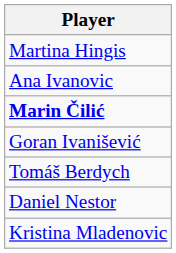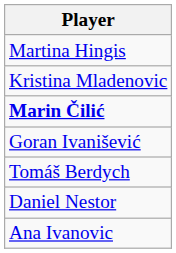 <table class="wikitable">
 <tr>
 <th>Player</th>
 </tr>
 <tr>
 <td> <a href='#'>Martina Hingis</a></td>
 </tr>
 <tr>
-<td> <a href='#'>Ana Ivanovic</a></td>
+<td> <a href='#'>Kristina Mladenovic</a></td>
 </tr>
 <tr>
 <td><strong> <a href='#'>Marin Čilić</a></strong></td>
 </tr>
 <tr>
 <td> <a href='#'>Goran Ivanišević</a></td>
 </tr>
 <tr>
 <td> <a href='#'>Tomáš Berdych</a></td>
 </tr>
 <tr>
 <td> <a href='#'>Daniel Nestor</a></td>
 </tr>
 <tr>
-<td> <a href='#'>Kristina Mladenovic</a></td>
+<td> <a href='#'>Ana Ivanovic</a></td>
 </tr>
 </table>
